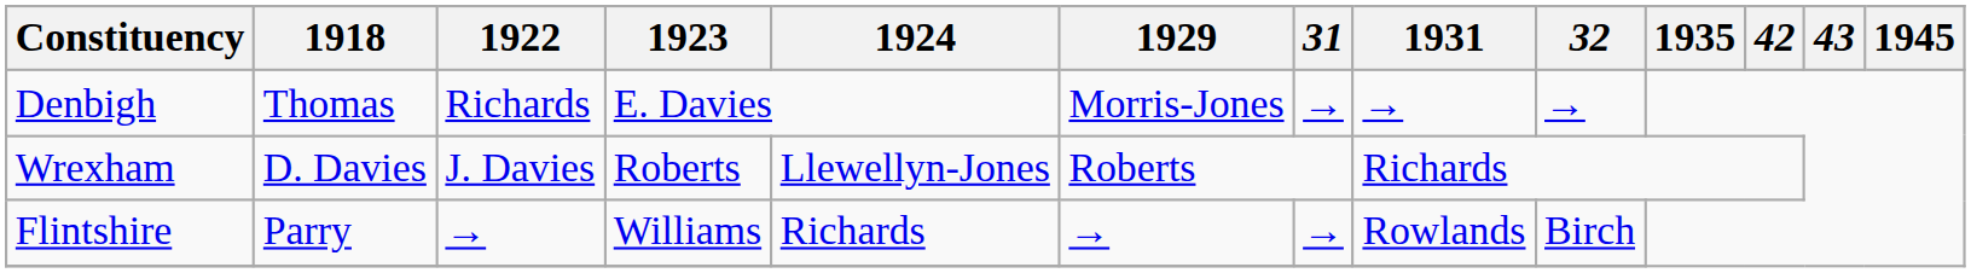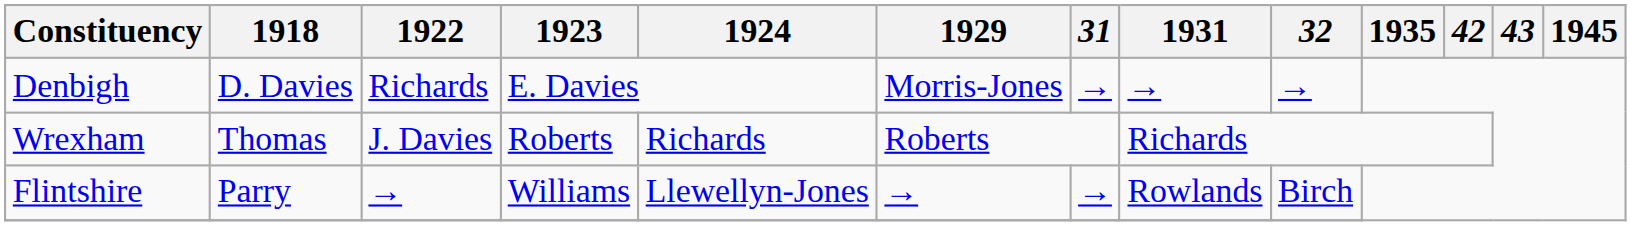 <table class="wikitable">
 <tr>
 <th>Constituency</th>
 <th>1918</th>
 <th>1922</th>
 <th>1923</th>
 <th>1924</th>
 <th>1929</th>
 <th><em>31</em></th>
 <th>1931</th>
 <th><em>32</em></th>
 <th>1935</th>
 <th><em>42</em></th>
 <th><em>43</em></th>
 <th>1945</th>
 </tr>
 <tr>
 <td><a href='#'>Denbigh</a></td>
-<td><a href='#'>Thomas</a></td>
+<td><a href='#'>D. Davies</a></td>
 <td><a href='#'>Richards</a></td>
 <td colspan="2"><a href='#'>E. Davies</a></td>
 <td><a href='#'>Morris-Jones</a></td>
 <td><a href='#'>→</a></td>
 <td><a href='#'>→</a></td>
 <td><a href='#'>→</a></td>
 </tr>
 <tr>
 <td><a href='#'>Wrexham</a></td>
-<td><a href='#'>D. Davies</a></td>
+<td><a href='#'>Thomas</a></td>
 <td><a href='#'>J. Davies</a></td>
 <td><a href='#'>Roberts</a></td>
-<td><a href='#'>Llewellyn-Jones</a></td>
+<td><a href='#'>Richards</a></td>
 <td colspan="2"><a href='#'>Roberts</a></td>
 <td colspan="4"><a href='#'>Richards</a></td>
 </tr>
 <tr>
 <td><a href='#'>Flintshire</a></td>
 <td><a href='#'>Parry</a></td>
 <td><a href='#'>→</a></td>
 <td><a href='#'>Williams</a></td>
-<td><a href='#'>Richards</a></td>
+<td><a href='#'>Llewellyn-Jones</a></td>
 <td><a href='#'>→</a></td>
 <td><a href='#'>→</a></td>
 <td><a href='#'>Rowlands</a></td>
 <td><a href='#'>Birch</a></td>
 </tr>
 <tr>
 </tr>
 </table>
